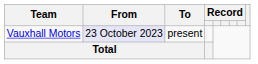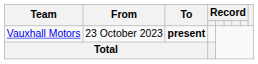 <table class="wikitable" style="text-align: center">
 <tr>
 <th rowspan=2>Team</th>
 <th rowspan=2>From</th>
 <th rowspan=2>To</th>
 <th colspan=5>Record</th>
 <th rowspan=2></th>
 </tr>
 <tr>
 <th></th>
 <th></th>
 <th></th>
 <th></th>
 <th></th>
 </tr>
 <tr>
 <td align=left><a href='#'>Vauxhall Motors</a></td>
-<td align=left style="background: lavender;">23 October 2023</td>
-<td align=left>present<br></td>
+<td align=left>23 October 2023</td>
+<td align=left><strong>present<br></strong></td>
 <td></td>
 </tr>
 <tr>
 <th colspan="3">Total<br></th>
 <th></th>
 </tr>
 </table>
